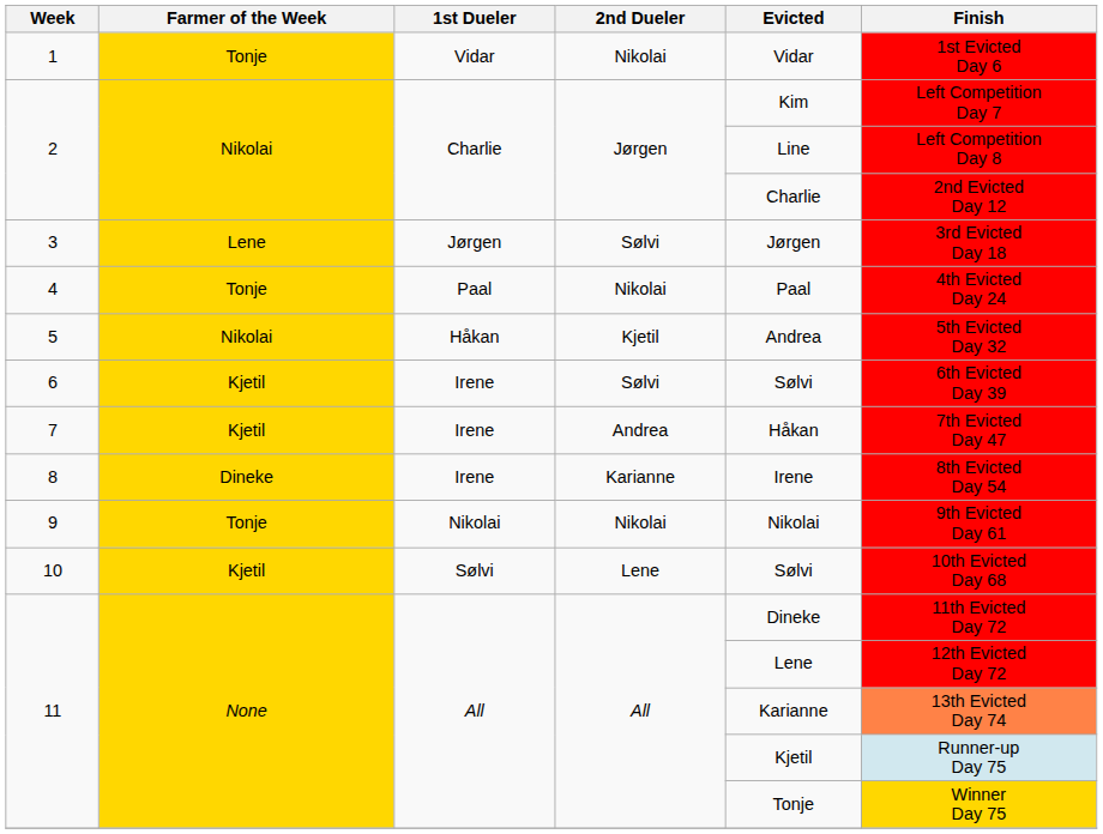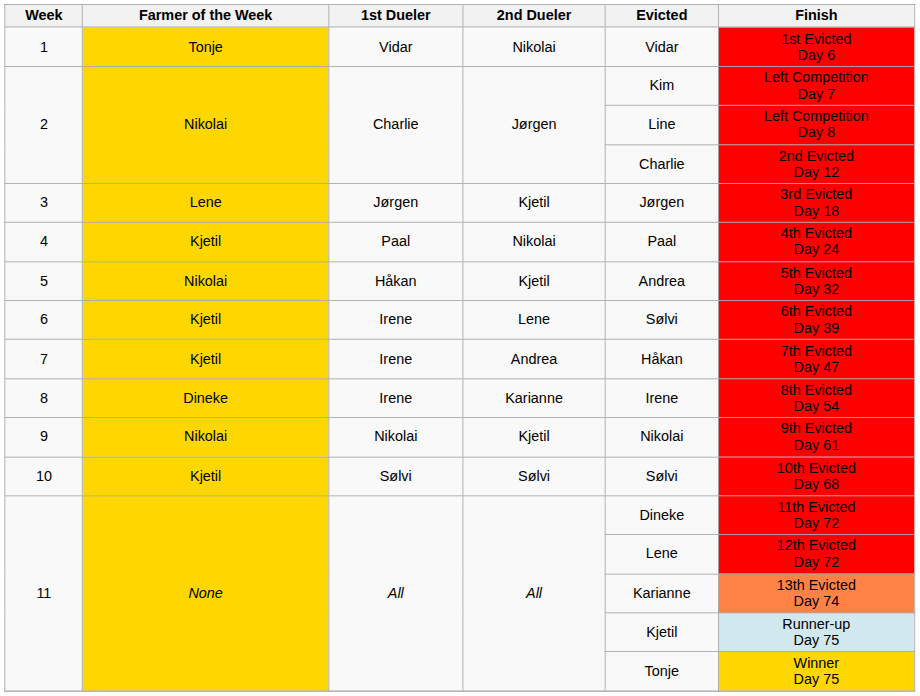 <table class="wikitable" style="font-size:100%; text-align:center; width: 80%; margin-left: auto; margin-right: auto;">
 <tr>
 <th>Week</th>
 <th>Farmer of the Week</th>
 <th>1st Dueler</th>
 <th>2nd Dueler</th>
 <th>Evicted</th>
 <th>Finish</th>
 </tr>
 <tr>
 <td>1</td>
 <td style="background:gold;">Tonje</td>
 <td>Vidar</td>
 <td>Nikolai</td>
 <td>Vidar</td>
 <td style="background:#ff0000">1st Evicted<br>Day 6</td>
 </tr>
 <tr>
 <td rowspan="3">2</td>
 <td rowspan="3" style="background:gold;">Nikolai</td>
 <td rowspan="3">Charlie</td>
 <td rowspan="3">Jørgen</td>
 <td rowspan="1">Kim</td>
 <td style="background:#ff0000">Left Competition<br>Day 7</td>
 </tr>
 <tr>
 <td rowspan="1">Line</td>
 <td style="background:#ff0000">Left Competition<br>Day 8</td>
 </tr>
 <tr>
 <td rowspan="1">Charlie</td>
 <td style="background:#ff0000">2nd Evicted<br>Day 12</td>
 </tr>
 <tr>
 <td>3</td>
 <td style="background:gold;">Lene</td>
 <td>Jørgen</td>
-<td>Sølvi</td>
+<td>Kjetil</td>
 <td>Jørgen</td>
 <td style="background:#ff0000">3rd Evicted<br>Day 18</td>
 </tr>
 <tr>
 <td>4</td>
-<td style="background:gold;">Tonje</td>
+<td style="background:gold;">Kjetil</td>
 <td>Paal</td>
 <td>Nikolai</td>
 <td>Paal</td>
 <td style="background:#ff0000">4th Evicted<br>Day 24</td>
 </tr>
 <tr>
 <td>5</td>
 <td style="background:gold;">Nikolai</td>
 <td>Håkan</td>
 <td>Kjetil</td>
 <td>Andrea</td>
 <td style="background:#ff0000">5th Evicted<br>Day 32</td>
 </tr>
 <tr>
 <td>6</td>
 <td style="background:gold;">Kjetil</td>
 <td>Irene</td>
-<td>Sølvi</td>
+<td>Lene</td>
 <td>Sølvi</td>
 <td style="background:#ff0000">6th Evicted<br>Day 39</td>
 </tr>
 <tr>
 <td>7</td>
 <td style="background:gold;">Kjetil</td>
 <td>Irene</td>
 <td>Andrea</td>
 <td>Håkan</td>
 <td style="background:#ff0000">7th Evicted<br>Day 47</td>
 </tr>
 <tr>
 <td>8</td>
 <td style="background:gold;">Dineke</td>
 <td>Irene</td>
 <td>Karianne</td>
 <td>Irene</td>
 <td style="background:#ff0000">8th Evicted<br>Day 54</td>
 </tr>
 <tr>
 <td>9</td>
-<td style="background:gold;">Tonje</td>
+<td style="background:gold;">Nikolai</td>
 <td>Nikolai</td>
-<td>Nikolai</td>
+<td>Kjetil</td>
 <td>Nikolai</td>
 <td style="background:#ff0000">9th Evicted<br>Day 61</td>
 </tr>
 <tr>
 <td>10</td>
 <td style="background:gold;">Kjetil</td>
 <td>Sølvi</td>
-<td>Lene</td>
+<td>Sølvi</td>
 <td>Sølvi</td>
 <td style="background:#ff0000">10th Evicted<br>Day 68</td>
 </tr>
 <tr>
 <td rowspan="5">11</td>
 <td rowspan="5" style="background:gold;"><em>None</em></td>
 <td rowspan="5"><em>All</em></td>
 <td rowspan="5"><em>All</em></td>
 <td>Dineke</td>
 <td style="background:#ff0000">11th Evicted<br>Day 72</td>
 </tr>
 <tr>
 <td>Lene</td>
 <td style="background:#ff0000">12th Evicted<br>Day 72</td>
 </tr>
 <tr>
 <td>Karianne</td>
 <td style="background:#FF8247;">13th Evicted<br>Day 74</td>
 </tr>
 <tr>
 <td>Kjetil</td>
 <td style="background:#D1E8EF;">Runner-up<br>Day 75</td>
 </tr>
 <tr>
 <td>Tonje</td>
 <td style="background:gold;">Winner<br>Day 75</td>
 </tr>
 <tr>
 </tr>
 </table>
